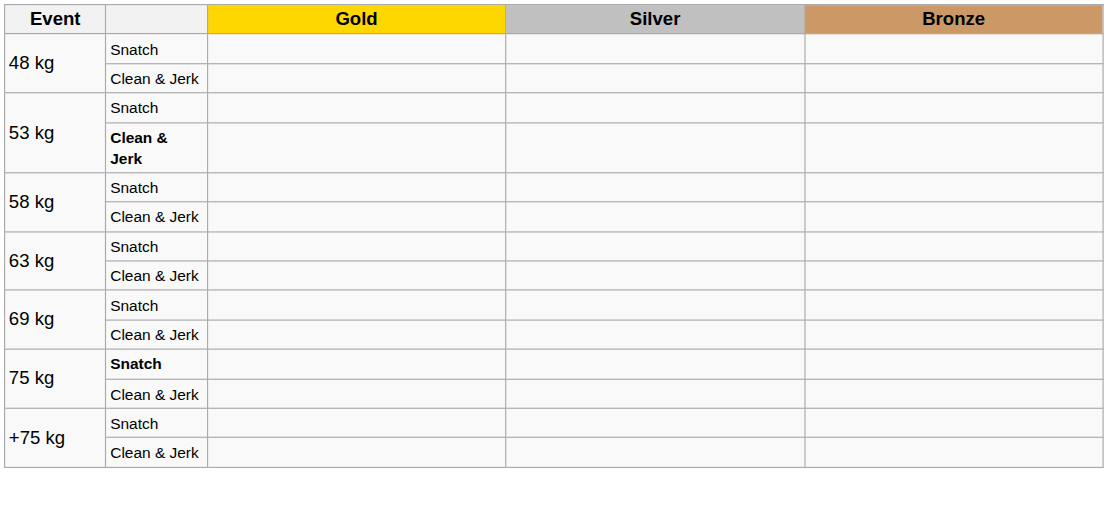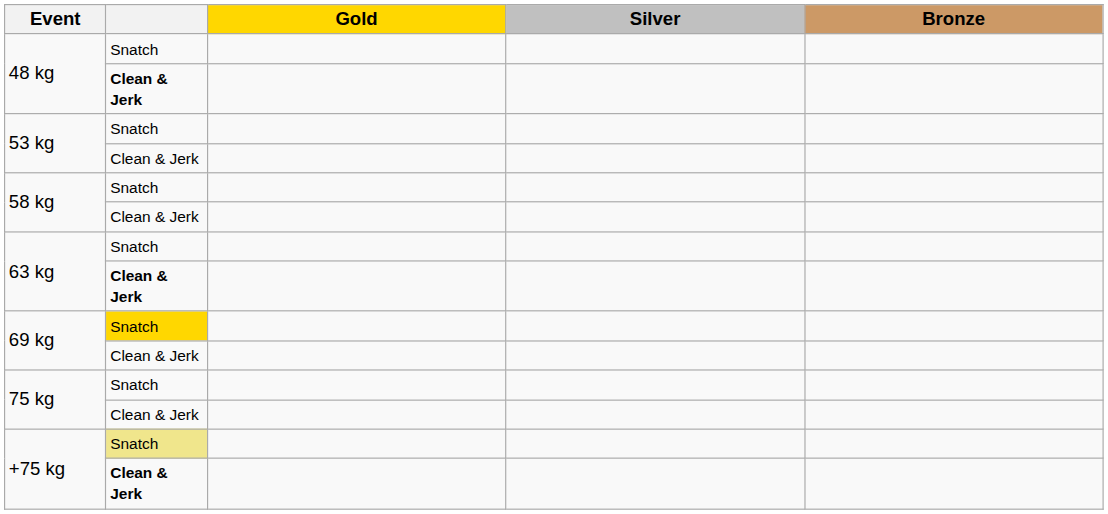 <table class="wikitable">
 <tr>
 <th width=80>Event</th>
 <th width=80></th>
 <td bgcolor=gold align="center" colspan=1 width=250><strong>Gold</strong></td>
 <td bgcolor=silver align="center" colspan=1 width=250><strong>Silver</strong></td>
 <td bgcolor=#cc9966 colspan=1 align="center" width=250><strong>Bronze</strong></td>
 </tr>
 <tr>
 <td rowspan=2>48 kg<br></td>
 <td><small>Snatch</small></td>
 <td></td>
 <td></td>
 <td></td>
 </tr>
 <tr>
-<td><small>Clean & Jerk</small></td>
+<td><strong><small>Clean & Jerk</small></strong></td>
 <td></td>
 <td></td>
 <td></td>
 </tr>
 <tr>
 <td rowspan=2>53 kg<br></td>
 <td><small>Snatch</small></td>
 <td></td>
 <td></td>
 <td></td>
 </tr>
 <tr>
-<td><strong><small>Clean & Jerk</small></strong></td>
+<td><small>Clean & Jerk</small></td>
 <td></td>
 <td></td>
 <td></td>
 </tr>
 <tr>
 <td rowspan=2>58 kg<br></td>
 <td><small>Snatch</small></td>
 <td></td>
 <td></td>
 <td></td>
 </tr>
 <tr>
 <td><small>Clean & Jerk</small></td>
 <td></td>
 <td></td>
 <td></td>
 </tr>
 <tr>
 <td rowspan=2>63 kg<br></td>
 <td><small>Snatch</small></td>
 <td></td>
 <td></td>
 <td></td>
 </tr>
 <tr>
+<td><strong><small>Clean & Jerk</small></strong></td>
+<td></td>
+<td></td>
+<td></td>
+</tr>
+<tr>
+<td rowspan=2>69 kg<br></td>
+<td style="background: gold;"><small>Snatch</small></td>
+<td></td>
+<td></td>
+<td></td>
+</tr>
+<tr>
 <td><small>Clean & Jerk</small></td>
 <td></td>
 <td></td>
 <td></td>
 </tr>
 <tr>
-<td rowspan=2>69 kg<br></td>
+<td rowspan=2>75 kg<br></td>
 <td><small>Snatch</small></td>
 <td></td>
 <td></td>
 <td></td>
 </tr>
 <tr>
 <td><small>Clean & Jerk</small></td>
 <td></td>
 <td></td>
 <td></td>
 </tr>
 <tr>
-<td rowspan=2>75 kg<br></td>
-<td><strong><small>Snatch</small></strong></td>
+<td rowspan=2>+75 kg<br></td>
+<td style="background: khaki;"><small>Snatch</small></td>
 <td></td>
 <td></td>
 <td></td>
 </tr>
 <tr>
-<td><small>Clean & Jerk</small></td>
-<td></td>
-<td></td>
-<td></td>
-</tr>
-<tr>
-<td rowspan=2>+75 kg<br></td>
-<td><small>Snatch</small></td>
-<td></td>
-<td></td>
-<td></td>
-</tr>
-<tr>
-<td><small>Clean & Jerk</small></td>
+<td><strong><small>Clean & Jerk</small></strong></td>
 <td></td>
 <td></td>
 <td></td>
 </tr>
 </table>
